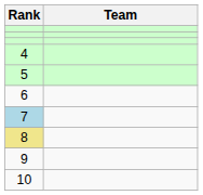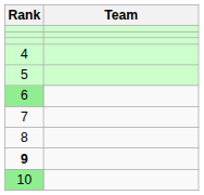 <table class="wikitable" style="text-align: center;">
 <tr>
 <th width=40>Rank</th>
 <th width=180>Team</th>
 </tr>
 <tr bgcolor=#CCFFCC>
 <td></td>
 <td align="left"></td>
 </tr>
 <tr bgcolor=#CCFFCC>
 <td></td>
 <td align="left"></td>
 </tr>
 <tr bgcolor=#CCFFCC>
 <td></td>
 <td align="left"></td>
 </tr>
 <tr bgcolor=#CCFFCC>
 <td>4</td>
 <td align="left"></td>
 </tr>
 <tr bgcolor=#CCFFCC>
 <td>5</td>
 <td align="left"></td>
 </tr>
 <tr>
-<td>6</td>
+<td style="background: lightgreen;">6</td>
 <td align="left"></td>
 </tr>
 <tr>
-<td style="background: lightblue;">7</td>
+<td>7</td>
 <td align="left"></td>
 </tr>
 <tr>
-<td style="background: khaki;">8</td>
+<td>8</td>
 <td align="left"></td>
 </tr>
 <tr>
-<td>9</td>
+<td><strong>9</strong></td>
 <td align="left"></td>
 </tr>
 <tr>
-<td>10</td>
+<td style="background: lightgreen;">10</td>
 <td align="left"></td>
 </tr>
 </table>
